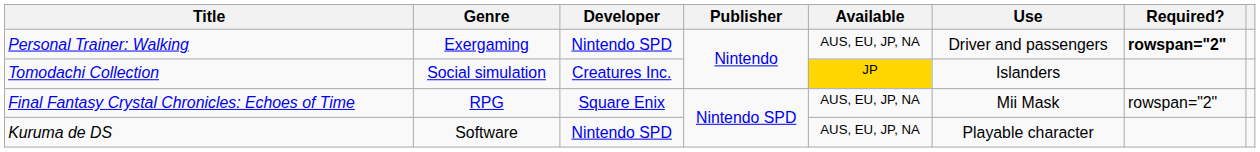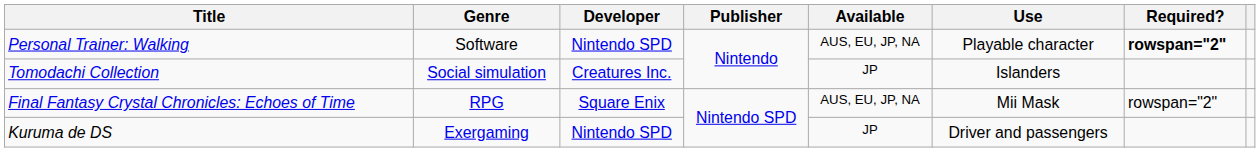 <table class="wikitable sortable" style="width:100%;" id="dslist">
 <tr>
 <th>Title</th>
 <th>Genre</th>
 <th>Developer</th>
 <th>Publisher</th>
 <th>Available</th>
 <th>Use</th>
 <th>Required?</th>
 <th></th>
 </tr>
 <tr>
 <td><em><a href='#'>Personal Trainer: Walking</a></em></td>
-<td align=center><a href='#'>Exergaming</a></td>
+<td align=center>Software</td>
 <td align=center><a href='#'>Nintendo SPD</a></td>
 <td rowspan="2" align="center"><a href='#'>Nintendo</a></td>
 <td align=center><sup>AUS, EU, JP, NA</sup></td>
-<td align=center>Driver and passengers</td>
+<td align=center>Playable character</td>
 <td><strong>rowspan="2" </strong></td>
 <td align="center"></td>
 </tr>
 <tr>
 <td><em><a href='#'>Tomodachi Collection</a></em></td>
 <td align=center><a href='#'>Social simulation</a></td>
 <td align=center><a href='#'>Creatures Inc.</a></td>
-<td align=center style="background: gold;"><sup>JP</sup></td>
+<td align=center><sup>JP</sup></td>
 <td align=center>Islanders</td>
 <td></td>
 </tr>
 <tr>
 <td><em><a href='#'>Final Fantasy Crystal Chronicles: Echoes of Time</a></em></td>
 <td align=center><a href='#'>RPG</a></td>
 <td align=center><a href='#'>Square Enix</a></td>
 <td rowspan="2" align="center"><a href='#'>Nintendo SPD</a></td>
 <td align=center><sup>AUS, EU, JP, NA</sup></td>
 <td align=center>Mii Mask</td>
 <td>rowspan="2"  </td>
 <td></td>
 </tr>
 <tr>
 <td><em>Kuruma de DS</em></td>
-<td align=center>Software</td>
+<td align=center><a href='#'>Exergaming</a></td>
 <td align=center><a href='#'>Nintendo SPD</a></td>
-<td align=center><sup>AUS, EU, JP, NA</sup></td>
-<td align=center>Playable character</td>
+<td align=center><sup>JP</sup></td>
+<td align=center>Driver and passengers</td>
 <td></td>
 </tr>
 </table>
